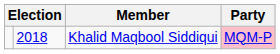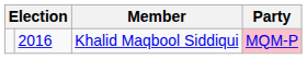 <table class="wikitable">
 <tr>
 <th colspan="2">Election</th>
 <th>Member</th>
 <th>Party</th>
 </tr>
 <tr>
 <td style="background-color: "></td>
-<td><a href='#'>2018</a></td>
+<td><a href='#'>2016</a></td>
 <td><a href='#'>Khalid Maqbool Siddiqui</a></td>
 <td style="background: pink;"><a href='#'>MQM-P</a></td>
 </tr>
 </table>
